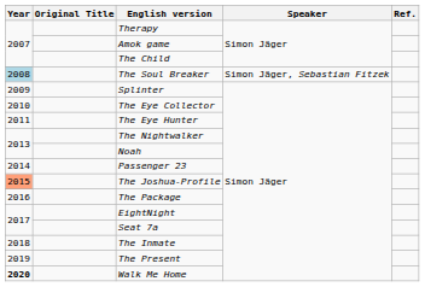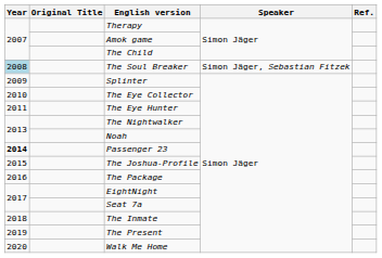 <table class="wikitable">
 <tr>
 <th>Year</th>
 <th>Original Title</th>
 <th>English version</th>
 <th>Speaker</th>
 <th>Ref.</th>
 </tr>
 <tr>
 <td rowspan="3">2007</td>
 <td></td>
 <td><em>Therapy</em></td>
 <td rowspan="3">Simon Jäger</td>
 <td></td>
 </tr>
 <tr>
 <td></td>
 <td><em>Amok game</em></td>
 <td></td>
 </tr>
 <tr>
 <td></td>
 <td><em>The Child</em></td>
 <td></td>
 </tr>
 <tr>
 <td style="background: lightblue;">2008</td>
 <td></td>
 <td><em>The Soul Breaker</em></td>
 <td rowspan="1">Simon Jäger, <em>Sebastian Fitzek</em></td>
 <td></td>
 </tr>
 <tr>
 <td>2009</td>
 <td></td>
 <td><em>Splinter</em></td>
 <td rowspan="13">Simon Jäger</td>
 <td></td>
 </tr>
 <tr>
 <td>2010</td>
 <td></td>
 <td><em>The Eye Collector</em></td>
 <td></td>
 </tr>
 <tr>
 <td>2011</td>
 <td></td>
 <td><em>The Eye Hunter</em></td>
 <td></td>
 </tr>
 <tr>
 <td rowspan="2">2013</td>
 <td></td>
 <td><em>The Nightwalker</em></td>
 <td></td>
 </tr>
 <tr>
 <td></td>
 <td><em>Noah</em></td>
 <td></td>
 </tr>
 <tr>
-<td>2014</td>
+<td><strong>2014</strong></td>
 <td></td>
 <td><em>Passenger 23</em></td>
 <td></td>
 </tr>
 <tr>
-<td style="background: lightsalmon;">2015</td>
+<td>2015</td>
 <td></td>
 <td><em>The Joshua-Profile</em></td>
 <td></td>
 </tr>
 <tr>
 <td>2016</td>
 <td></td>
 <td><em>The Package</em></td>
 <td></td>
 </tr>
 <tr>
 <td rowspan="2">2017</td>
 <td></td>
 <td><em>EightNight</em></td>
 <td></td>
 </tr>
 <tr>
 <td></td>
 <td><em>Seat 7a</em></td>
 <td></td>
 </tr>
 <tr>
 <td>2018</td>
 <td></td>
 <td><em>The Inmate</em></td>
 <td></td>
 </tr>
 <tr>
 <td>2019</td>
 <td></td>
 <td><em>The Present</em></td>
 <td></td>
 </tr>
 <tr>
-<td><strong>2020</strong></td>
+<td>2020</td>
 <td></td>
 <td><em>Walk Me Home</em></td>
 <td></td>
 </tr>
 </table>
